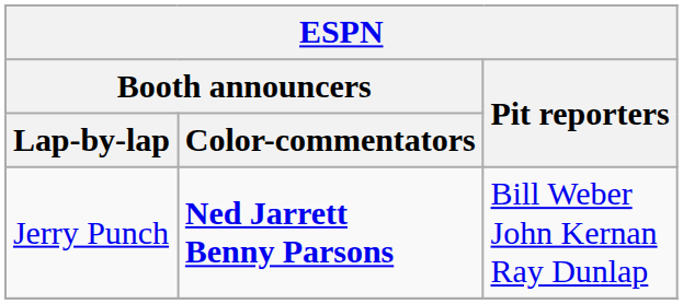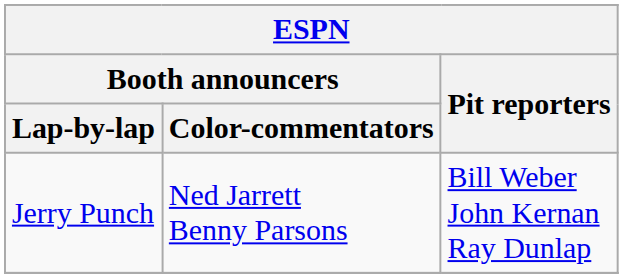 <table class="wikitable" style="font-size: 95%">
 <tr>
 <th colspan=3><a href='#'>ESPN</a></th>
 </tr>
 <tr>
 <th colspan=2>Booth announcers</th>
 <th rowspan=2>Pit reporters</th>
 </tr>
 <tr>
 <th><strong>Lap-by-lap</strong></th>
 <th><strong>Color-commentators</strong></th>
 </tr>
 <tr>
 <td><a href='#'>Jerry Punch</a></td>
-<td><strong><a href='#'>Ned Jarrett</a> <br> <a href='#'>Benny Parsons</a></strong></td>
+<td><a href='#'>Ned Jarrett</a> <br> <a href='#'>Benny Parsons</a></td>
 <td><a href='#'>Bill Weber</a> <br> <a href='#'>John Kernan</a> <br> <a href='#'>Ray Dunlap</a></td>
 </tr>
 <tr>
 </tr>
 </table>
